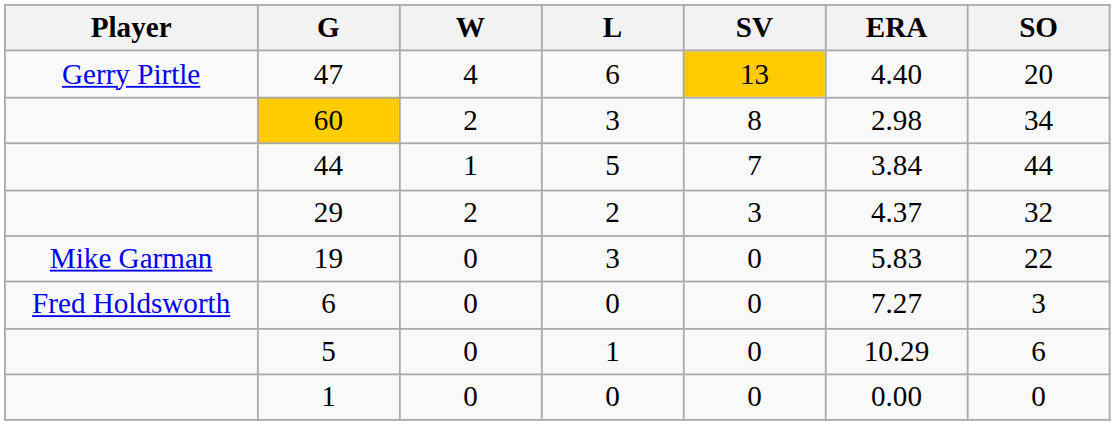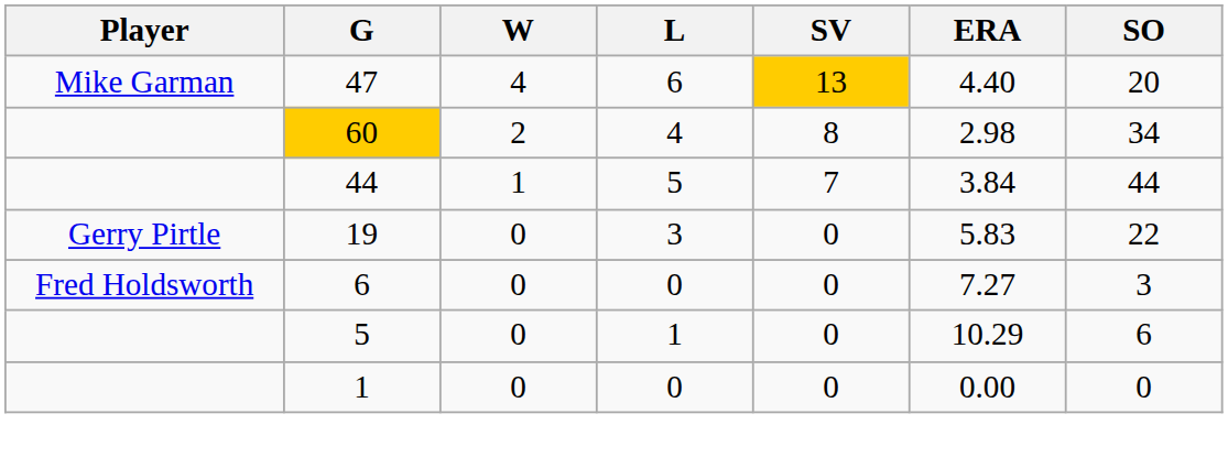 <table class="wikitable sortable">
 <tr>
 <th bgcolor="#DDDDFF" width="16%">Player</th>
 <th bgcolor="#DDDDFF" width="9%">G</th>
 <th bgcolor="#DDDDFF" width="9%">W</th>
 <th bgcolor="#DDDDFF" width="9%">L</th>
 <th bgcolor="#DDDDFF" width="9%">SV</th>
 <th bgcolor="#DDDDFF" width="9%">ERA</th>
 <th bgcolor="#DDDDFF" width="9%">SO</th>
 </tr>
 <tr align="center">
-<td><a href='#'>Gerry Pirtle</a></td>
+<td><a href='#'>Mike Garman</a></td>
 <td>47</td>
 <td>4</td>
 <td>6</td>
 <td style="background:#fc0;">13</td>
 <td>4.40</td>
 <td>20</td>
 </tr>
 <tr align=center>
 <td></td>
 <td style="background:#fc0;">60</td>
 <td>2</td>
-<td>3</td>
+<td>4</td>
 <td>8</td>
 <td>2.98</td>
 <td>34</td>
 </tr>
 <tr align="center">
 <td></td>
 <td>44</td>
 <td>1</td>
 <td>5</td>
 <td>7</td>
 <td>3.84</td>
 <td>44</td>
 </tr>
-<tr align=center>
-<td></td>
-<td>29</td>
-<td>2</td>
-<td>2</td>
-<td>3</td>
-<td>4.37</td>
-<td>32</td>
-</tr>
 <tr align="center">
-<td><a href='#'>Mike Garman</a></td>
+<td><a href='#'>Gerry Pirtle</a></td>
 <td>19</td>
 <td>0</td>
 <td>3</td>
 <td>0</td>
 <td>5.83</td>
 <td>22</td>
 </tr>
 <tr align=center>
 <td><a href='#'>Fred Holdsworth</a></td>
 <td>6</td>
 <td>0</td>
 <td>0</td>
 <td>0</td>
 <td>7.27</td>
 <td>3</td>
 </tr>
 <tr align=center>
 <td></td>
 <td>5</td>
 <td>0</td>
 <td>1</td>
 <td>0</td>
 <td>10.29</td>
 <td>6</td>
 </tr>
 <tr align="center">
 <td></td>
 <td>1</td>
 <td>0</td>
 <td>0</td>
 <td>0</td>
 <td>0.00</td>
 <td>0</td>
 </tr>
 </table>
